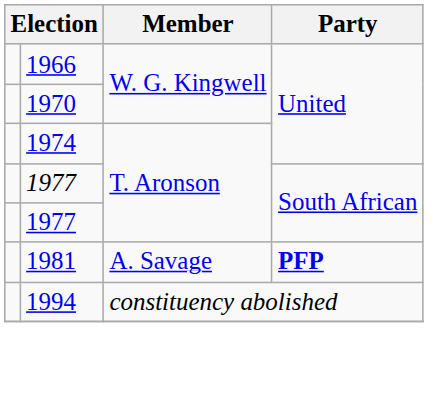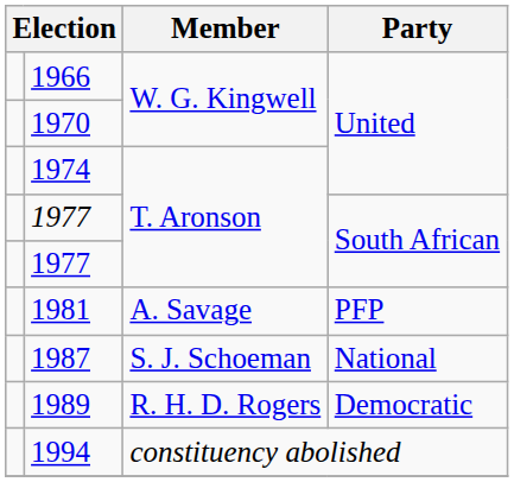 <table class="wikitable">
 <tr>
 <th colspan="2">Election</th>
 <th>Member</th>
 <th>Party</th>
 </tr>
 <tr>
 <td style="background-color: "></td>
 <td><a href='#'>1966</a></td>
 <td rowspan="2"><a href='#'>W. G. Kingwell</a></td>
 <td rowspan="3"><a href='#'>United</a></td>
 </tr>
 <tr>
 <td style="background-color: "></td>
 <td><a href='#'>1970</a></td>
 </tr>
 <tr>
 <td style="background-color: "></td>
 <td><a href='#'>1974</a></td>
 <td rowspan="3"><a href='#'>T. Aronson</a></td>
 </tr>
 <tr>
 <td style="background-color: "></td>
 <td><em>1977</em></td>
 <td rowspan="2"><a href='#'>South African</a></td>
 </tr>
 <tr>
 <td style="background-color: "></td>
 <td><a href='#'>1977</a></td>
 </tr>
 <tr>
 <td style="background-color: "></td>
 <td><a href='#'>1981</a></td>
 <td><a href='#'>A. Savage</a></td>
-<td><strong><a href='#'>PFP</a></strong></td>
+<td><a href='#'>PFP</a></td>
+</tr>
+<tr>
+<td style="background-color: "></td>
+<td><a href='#'>1987</a></td>
+<td><a href='#'>S. J. Schoeman</a></td>
+<td><a href='#'>National</a></td>
+</tr>
+<tr>
+<td style="background-color: "></td>
+<td><a href='#'>1989</a></td>
+<td><a href='#'>R. H. D. Rogers</a></td>
+<td><a href='#'>Democratic</a></td>
 </tr>
 <tr>
 <td style="background-color: "></td>
 <td><a href='#'>1994</a></td>
 <td colspan="2"><em>constituency abolished</em></td>
 </tr>
 <tr>
 </tr>
 </table>
